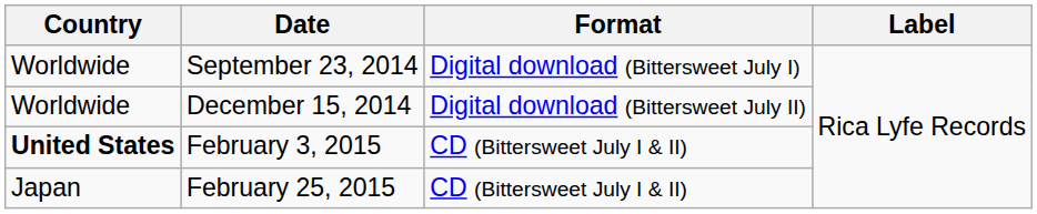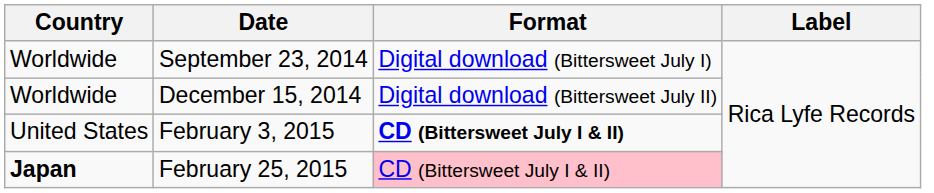 <table class="wikitable">
 <tr>
 <th>Country</th>
 <th>Date</th>
 <th>Format</th>
 <th>Label</th>
 </tr>
 <tr>
 <td>Worldwide</td>
 <td>September 23, 2014</td>
 <td><a href='#'>Digital download</a> <small>(Bittersweet July I)</small></td>
 <td rowspan="4">Rica Lyfe Records</td>
 </tr>
 <tr>
 <td>Worldwide</td>
 <td>December 15, 2014</td>
 <td><a href='#'>Digital download</a> <small>(Bittersweet July II)</small></td>
 </tr>
 <tr>
-<td><strong>United States</strong></td>
+<td>United States</td>
 <td>February 3, 2015</td>
-<td><a href='#'>CD</a> <small>(Bittersweet July I & II)</small></td>
+<td><strong><a href='#'>CD</a> <small>(Bittersweet July I & II)</small></strong></td>
 </tr>
 <tr>
-<td>Japan</td>
+<td><strong>Japan</strong></td>
 <td>February 25, 2015</td>
-<td><a href='#'>CD</a> <small>(Bittersweet July I & II)</small></td>
+<td style="background: pink;"><a href='#'>CD</a> <small>(Bittersweet July I & II)</small></td>
 </tr>
 </table>
